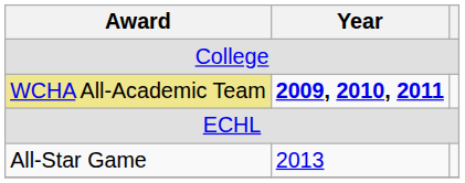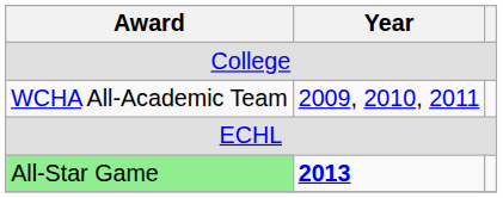 <table class="wikitable">
 <tr>
 <th>Award</th>
 <th>Year</th>
 <th></th>
 </tr>
 <tr ALIGN="center" bgcolor="#e0e0e0">
 <td colspan="3"><a href='#'>College</a></td>
 </tr>
 <tr>
-<td style="background: khaki;"><a href='#'>WCHA</a> All-Academic Team</td>
-<td><strong><a href='#'>2009</a>, <a href='#'>2010</a>, <a href='#'>2011</a></strong></td>
+<td><a href='#'>WCHA</a> All-Academic Team</td>
+<td><a href='#'>2009</a>, <a href='#'>2010</a>, <a href='#'>2011</a></td>
 <td></td>
 </tr>
 <tr ALIGN="center" bgcolor="#e0e0e0">
 <td colspan="3"><a href='#'>ECHL</a></td>
 </tr>
 <tr>
-<td>All-Star Game</td>
-<td><a href='#'>2013</a></td>
+<td style="background: lightgreen;">All-Star Game</td>
+<td><strong><a href='#'>2013</a></strong></td>
 <td></td>
 </tr>
 <tr>
 </tr>
 </table>
